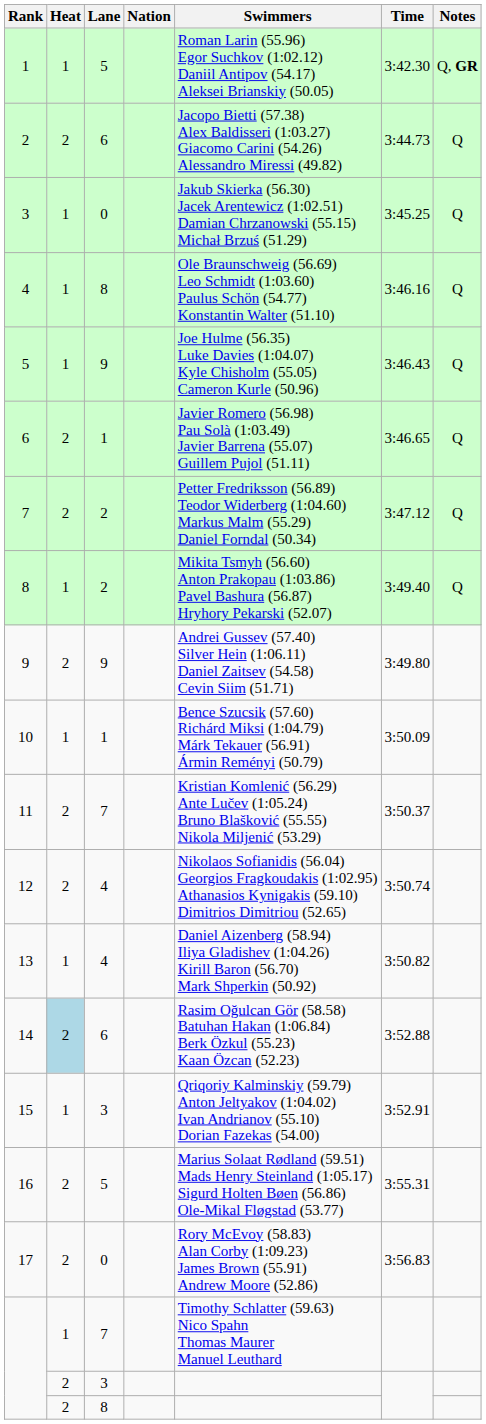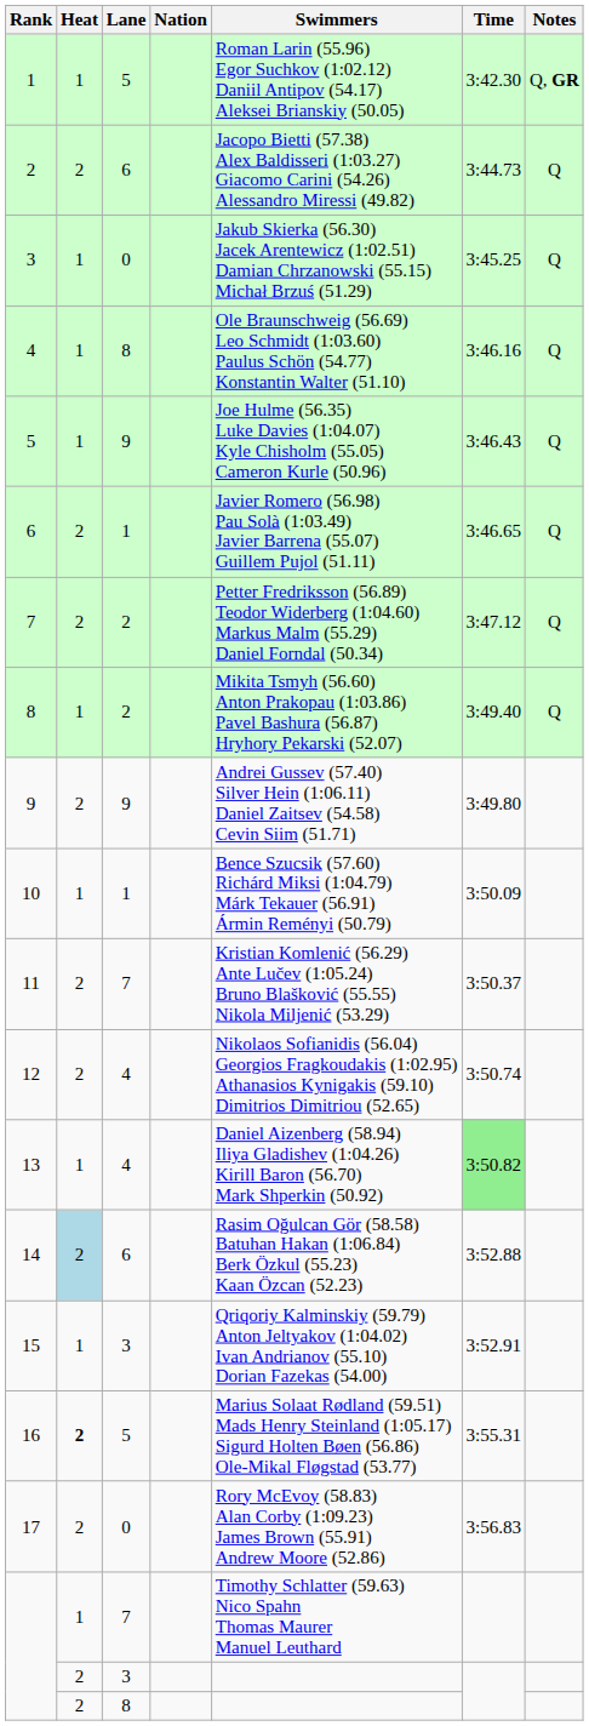 <table class="wikitable sortable" style="text-align:center">
 <tr>
 <th>Rank</th>
 <th>Heat</th>
 <th>Lane</th>
 <th>Nation</th>
 <th>Swimmers</th>
 <th>Time</th>
 <th>Notes</th>
 </tr>
 <tr bgcolor=ccffcc>
 <td>1</td>
 <td>1</td>
 <td>5</td>
 <td align=left></td>
 <td align=left><a href='#'>Roman Larin</a> (55.96)<br><a href='#'>Egor Suchkov</a> (1:02.12)<br><a href='#'>Daniil Antipov</a> (54.17)<br><a href='#'>Aleksei Brianskiy</a> (50.05)</td>
 <td>3:42.30</td>
 <td>Q, <strong>GR</strong></td>
 </tr>
 <tr bgcolor=ccffcc>
 <td>2</td>
 <td>2</td>
 <td>6</td>
 <td align=left></td>
 <td align=left><a href='#'>Jacopo Bietti</a> (57.38)<br><a href='#'>Alex Baldisseri</a> (1:03.27)<br><a href='#'>Giacomo Carini</a> (54.26)<br><a href='#'>Alessandro Miressi</a> (49.82)</td>
 <td>3:44.73</td>
 <td>Q</td>
 </tr>
 <tr bgcolor=ccffcc>
 <td>3</td>
 <td>1</td>
 <td>0</td>
 <td align=left></td>
 <td align=left><a href='#'>Jakub Skierka</a> (56.30)<br><a href='#'>Jacek Arentewicz</a> (1:02.51)<br><a href='#'>Damian Chrzanowski</a> (55.15)<br><a href='#'>Michał Brzuś</a> (51.29)</td>
 <td>3:45.25</td>
 <td>Q</td>
 </tr>
 <tr bgcolor=ccffcc>
 <td>4</td>
 <td>1</td>
 <td>8</td>
 <td align=left></td>
 <td align=left><a href='#'>Ole Braunschweig</a> (56.69)<br><a href='#'>Leo Schmidt</a> (1:03.60)<br><a href='#'>Paulus Schön</a> (54.77)<br><a href='#'>Konstantin Walter</a> (51.10)</td>
 <td>3:46.16</td>
 <td>Q</td>
 </tr>
 <tr bgcolor=ccffcc>
 <td>5</td>
 <td>1</td>
 <td>9</td>
 <td align=left></td>
 <td align=left><a href='#'>Joe Hulme</a> (56.35)<br><a href='#'>Luke Davies</a> (1:04.07)<br><a href='#'>Kyle Chisholm</a> (55.05)<br><a href='#'>Cameron Kurle</a> (50.96)</td>
 <td>3:46.43</td>
 <td>Q</td>
 </tr>
 <tr bgcolor=ccffcc>
 <td>6</td>
 <td>2</td>
 <td>1</td>
 <td align=left></td>
 <td align=left><a href='#'>Javier Romero</a> (56.98)<br><a href='#'>Pau Solà</a> (1:03.49)<br><a href='#'>Javier Barrena</a> (55.07)<br><a href='#'>Guillem Pujol</a> (51.11)</td>
 <td>3:46.65</td>
 <td>Q</td>
 </tr>
 <tr bgcolor=ccffcc>
 <td>7</td>
 <td>2</td>
 <td>2</td>
 <td align=left></td>
 <td align=left><a href='#'>Petter Fredriksson</a> (56.89)<br><a href='#'>Teodor Widerberg</a> (1:04.60)<br><a href='#'>Markus Malm</a> (55.29)<br><a href='#'>Daniel Forndal</a> (50.34)</td>
 <td>3:47.12</td>
 <td>Q</td>
 </tr>
 <tr bgcolor=ccffcc>
 <td>8</td>
 <td>1</td>
 <td>2</td>
 <td align=left></td>
 <td align=left><a href='#'>Mikita Tsmyh</a> (56.60)<br><a href='#'>Anton Prakopau</a> (1:03.86)<br><a href='#'>Pavel Bashura</a> (56.87)<br><a href='#'>Hryhory Pekarski</a> (52.07)</td>
 <td>3:49.40</td>
 <td>Q</td>
 </tr>
 <tr>
 <td>9</td>
 <td>2</td>
 <td>9</td>
 <td align=left></td>
 <td align=left><a href='#'>Andrei Gussev</a> (57.40)<br><a href='#'>Silver Hein</a> (1:06.11)<br><a href='#'>Daniel Zaitsev</a> (54.58)<br><a href='#'>Cevin Siim</a> (51.71)</td>
 <td>3:49.80</td>
 <td></td>
 </tr>
 <tr>
 <td>10</td>
 <td>1</td>
 <td>1</td>
 <td align=left></td>
 <td align=left><a href='#'>Bence Szucsik</a> (57.60)<br><a href='#'>Richárd Miksi</a> (1:04.79)<br><a href='#'>Márk Tekauer</a> (56.91)<br><a href='#'>Ármin Reményi</a> (50.79)</td>
 <td>3:50.09</td>
 <td></td>
 </tr>
 <tr>
 <td>11</td>
 <td>2</td>
 <td>7</td>
 <td align=left></td>
 <td align=left><a href='#'>Kristian Komlenić</a> (56.29)<br><a href='#'>Ante Lučev</a> (1:05.24)<br><a href='#'>Bruno Blašković</a> (55.55)<br><a href='#'>Nikola Miljenić</a> (53.29)</td>
 <td>3:50.37</td>
 <td></td>
 </tr>
 <tr>
 <td>12</td>
 <td>2</td>
 <td>4</td>
 <td align=left></td>
 <td align=left><a href='#'>Nikolaos Sofianidis</a> (56.04)<br><a href='#'>Georgios Fragkoudakis</a> (1:02.95)<br><a href='#'>Athanasios Kynigakis</a> (59.10)<br><a href='#'>Dimitrios Dimitriou</a> (52.65)</td>
 <td>3:50.74</td>
 <td></td>
 </tr>
 <tr>
 <td>13</td>
 <td>1</td>
 <td>4</td>
 <td align=left></td>
 <td align=left><a href='#'>Daniel Aizenberg</a> (58.94)<br><a href='#'>Iliya Gladishev</a> (1:04.26)<br><a href='#'>Kirill Baron</a> (56.70)<br><a href='#'>Mark Shperkin</a> (50.92)</td>
-<td>3:50.82</td>
+<td style="background: lightgreen;">3:50.82</td>
 <td></td>
 </tr>
 <tr>
 <td>14</td>
 <td style="background: lightblue;">2</td>
 <td>6</td>
 <td align=left></td>
 <td align=left><a href='#'>Rasim Oğulcan Gör</a> (58.58)<br><a href='#'>Batuhan Hakan</a> (1:06.84)<br><a href='#'>Berk Özkul</a> (55.23)<br><a href='#'>Kaan Özcan</a> (52.23)</td>
 <td>3:52.88</td>
 <td></td>
 </tr>
 <tr>
 <td>15</td>
 <td>1</td>
 <td>3</td>
 <td align=left></td>
 <td align=left><a href='#'>Qriqoriy Kalminskiy</a> (59.79)<br><a href='#'>Anton Jeltyakov</a> (1:04.02)<br><a href='#'>Ivan Andrianov</a> (55.10)<br><a href='#'>Dorian Fazekas</a> (54.00)</td>
 <td>3:52.91</td>
 <td></td>
 </tr>
 <tr>
 <td>16</td>
-<td>2</td>
+<td><strong>2</strong></td>
 <td>5</td>
 <td align=left></td>
 <td align=left><a href='#'>Marius Solaat Rødland</a> (59.51)<br><a href='#'>Mads Henry Steinland</a> (1:05.17)<br><a href='#'>Sigurd Holten Bøen</a> (56.86)<br><a href='#'>Ole-Mikal Fløgstad</a> (53.77)</td>
 <td>3:55.31</td>
 <td></td>
 </tr>
 <tr>
 <td>17</td>
 <td>2</td>
 <td>0</td>
 <td align=left></td>
 <td align=left><a href='#'>Rory McEvoy</a> (58.83)<br><a href='#'>Alan Corby</a> (1:09.23)<br><a href='#'>James Brown</a> (55.91)<br><a href='#'>Andrew Moore</a> (52.86)</td>
 <td>3:56.83</td>
 <td></td>
 </tr>
 <tr>
 <td rowspan=3></td>
 <td>1</td>
 <td>7</td>
 <td align=left></td>
 <td align=left><a href='#'>Timothy Schlatter</a> (59.63)<br><a href='#'>Nico Spahn</a><br><a href='#'>Thomas Maurer</a><br><a href='#'>Manuel Leuthard</a></td>
 <td></td>
 <td></td>
 </tr>
 <tr>
 <td>2</td>
 <td>3</td>
 <td align=left></td>
 <td align=left></td>
 <td rowspan=2></td>
 <td></td>
 </tr>
 <tr>
 <td>2</td>
 <td>8</td>
 <td align=left></td>
 <td align=left></td>
 <td></td>
 </tr>
 </table>
